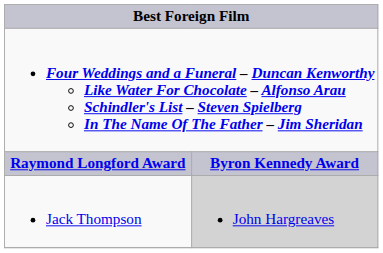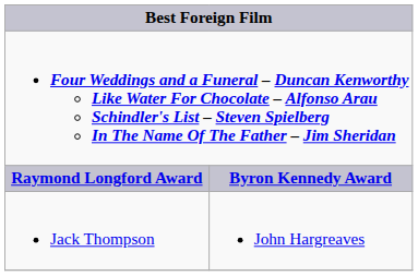 <table class=wikitable style="width="100%">
 <tr>
 <th colspan=2 style="background:#C4C3D0;width:50%">Best Foreign Film</th>
 </tr>
 <tr>
 <td colspan=2 valign="top"><br><ul><li><strong><em><a href='#'>Four Weddings and a Funeral</a><em> – <a href='#'>Duncan Kenworthy</a><strong><ul><li></em><a href='#'>Like Water For Chocolate</a><em> – <a href='#'>Alfonso Arau</a></li><li></em><a href='#'>Schindler's List</a><em> – <a href='#'>Steven Spielberg</a></li><li></em><a href='#'>In The Name Of The Father</a><em> – <a href='#'>Jim Sheridan</a></li></ul></li></ul></td>
 </tr>
 <tr>
 <th style="background:#C4C3D0;width:50%"><a href='#'>Raymond Longford Award</a></th>
 <th style="background:#C4C3D0;width:50%"><a href='#'>Byron Kennedy Award</a></th>
 </tr>
 <tr>
 <td valign="top"><br><ul><li></strong><a href='#'>Jack Thompson</a><strong></li></ul></td>
-<td valign="top" style="background: lightgrey;"><br><ul><li></strong><a href='#'>John Hargreaves</a><strong></li></ul></td>
+<td valign="top"><br><ul><li></strong><a href='#'>John Hargreaves</a><strong></li></ul></td>
 </tr>
 <tr>
 </tr>
 </table>
